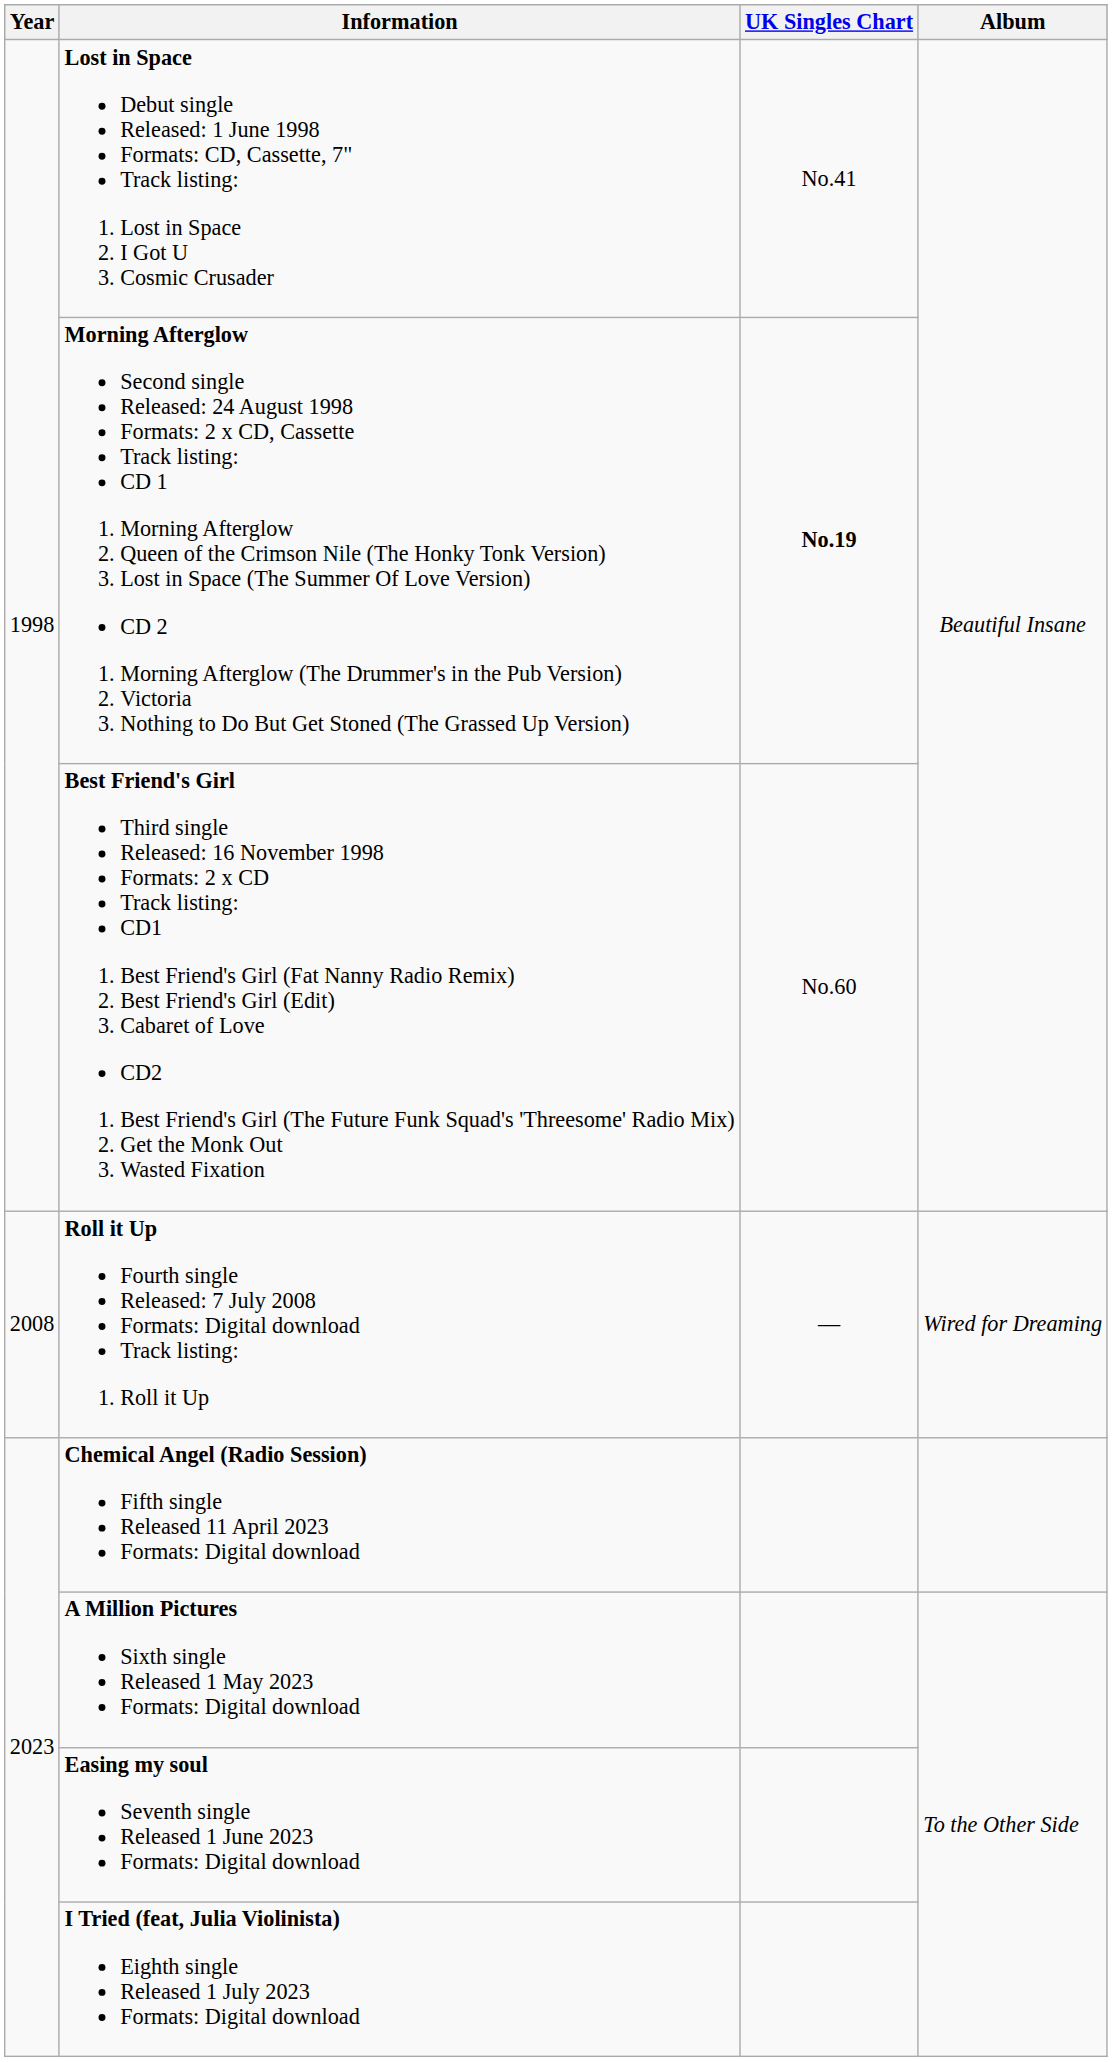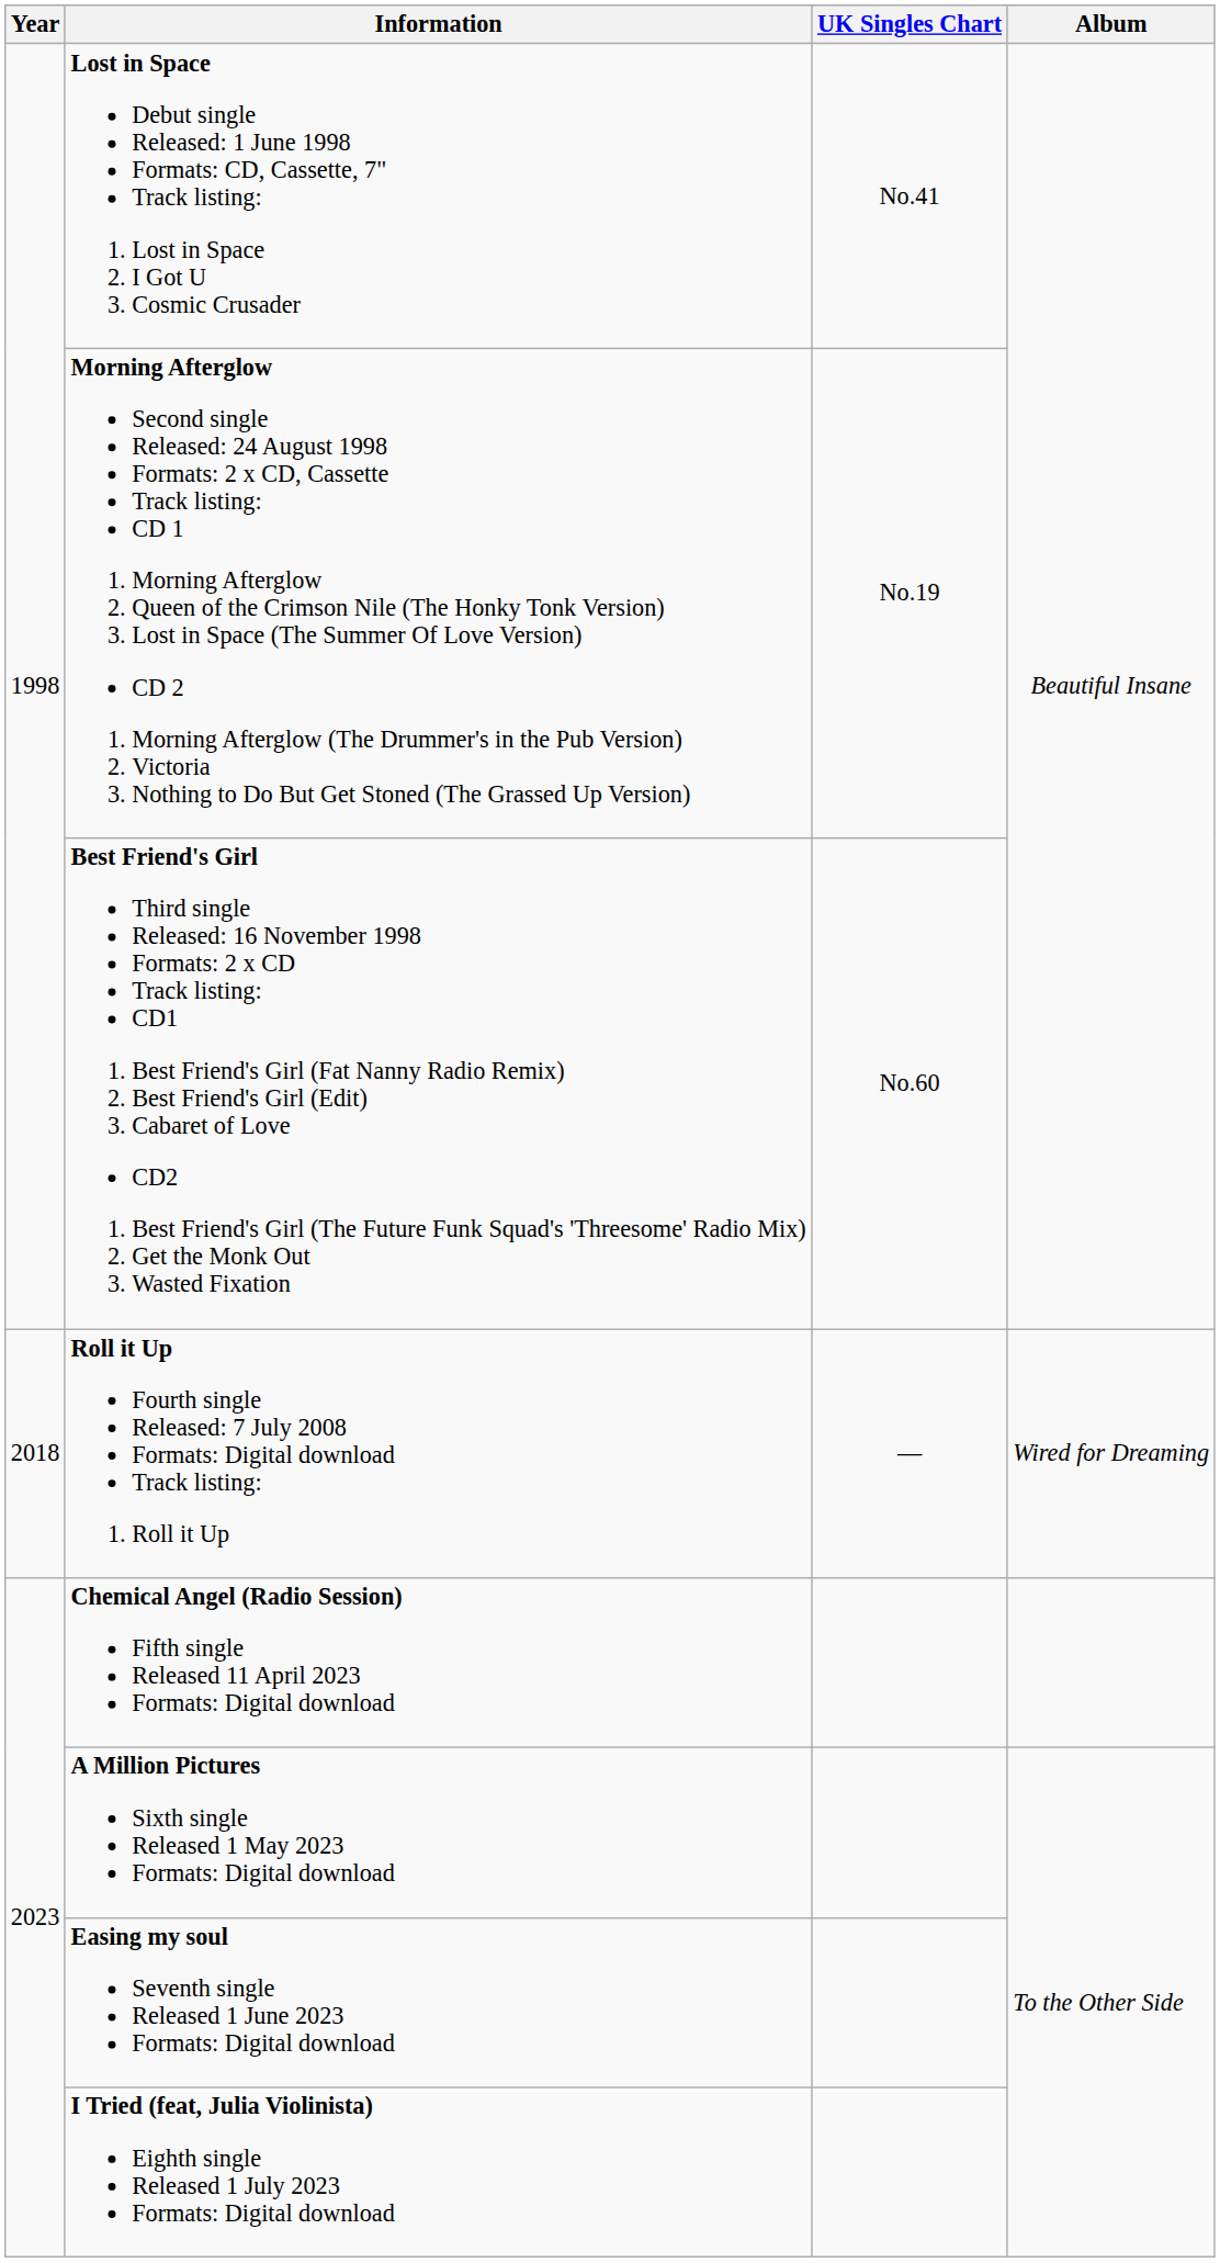 <table class="wikitable">
 <tr style="background:#b0c4de; text-align:center;">
 <th>Year</th>
 <th>Information</th>
 <th><a href='#'>UK Singles Chart</a></th>
 <th>Album</th>
 </tr>
 <tr>
 <td rowspan="3">1998</td>
 <td><strong>Lost in Space</strong><br><ul><li>Debut single</li><li>Released: 1 June 1998</li><li>Formats: CD, Cassette, 7"</li><li>Track listing:</li></ul><ol><li>Lost in Space</li><li>I Got U</li><li>Cosmic Crusader</li></ol></td>
 <td style="text-align:center;">No.41</td>
 <td rowspan="3" style="text-align:center;"><em>Beautiful Insane</em></td>
 </tr>
 <tr>
 <td><strong>Morning Afterglow</strong><br><ul><li>Second single</li><li>Released: 24 August 1998</li><li>Formats: 2 x CD, Cassette</li><li>Track listing:</li><li>CD 1</li></ul><ol><li>Morning Afterglow</li><li>Queen of the Crimson Nile (The Honky Tonk Version)</li><li>Lost in Space (The Summer Of Love Version)</li></ol><ul><li>CD 2</li></ul><ol><li>Morning Afterglow (The Drummer's in the Pub Version)</li><li>Victoria</li><li>Nothing to Do But Get Stoned (The Grassed Up Version)</li></ol></td>
-<td style="text-align:center;"><strong>No.19</strong></td>
+<td style="text-align:center;">No.19</td>
 </tr>
 <tr>
 <td><strong>Best Friend's Girl</strong><br><ul><li>Third single</li><li>Released: 16 November 1998</li><li>Formats: 2 x CD</li><li>Track listing:</li><li>CD1</li></ul><ol><li>Best Friend's Girl (Fat Nanny Radio Remix)</li><li>Best Friend's Girl (Edit)</li><li>Cabaret of Love</li></ol><ul><li>CD2</li></ul><ol><li>Best Friend's Girl (The Future Funk Squad's 'Threesome' Radio Mix)</li><li>Get the Monk Out</li><li>Wasted Fixation</li></ol></td>
 <td style="text-align:center;">No.60</td>
 </tr>
 <tr>
-<td rowspan="1">2008</td>
+<td rowspan="1">2018</td>
 <td><strong>Roll it Up</strong><br><ul><li>Fourth single</li><li>Released: 7 July 2008</li><li>Formats: Digital download</li><li>Track listing:</li></ul><ol><li>Roll it Up</li></ol></td>
 <td style="text-align:center;">—</td>
 <td rowspan="1" style="text-align:center;"><em>Wired for Dreaming</em></td>
 </tr>
 <tr>
 <td rowspan="4">2023</td>
 <td><strong>Chemical Angel (Radio Session)</strong><br><ul><li>Fifth single</li><li>Released 11 April 2023</li><li>Formats: Digital download</li></ul></td>
 <td></td>
 <td></td>
 </tr>
 <tr>
 <td><strong>A Million Pictures</strong><br><ul><li>Sixth single</li><li>Released 1 May 2023</li><li>Formats: Digital download</li></ul></td>
 <td></td>
 <td rowspan="3"><em>To the Other Side</em></td>
 </tr>
 <tr>
 <td><strong>Easing my soul</strong><br><ul><li>Seventh single</li><li>Released 1 June 2023</li><li>Formats: Digital download</li></ul></td>
 <td></td>
 </tr>
 <tr>
 <td><strong>I Tried (feat, Julia Violinista)</strong><br><ul><li>Eighth single</li><li>Released 1 July 2023</li><li>Formats: Digital download</li></ul></td>
 <td></td>
 </tr>
 </table>
